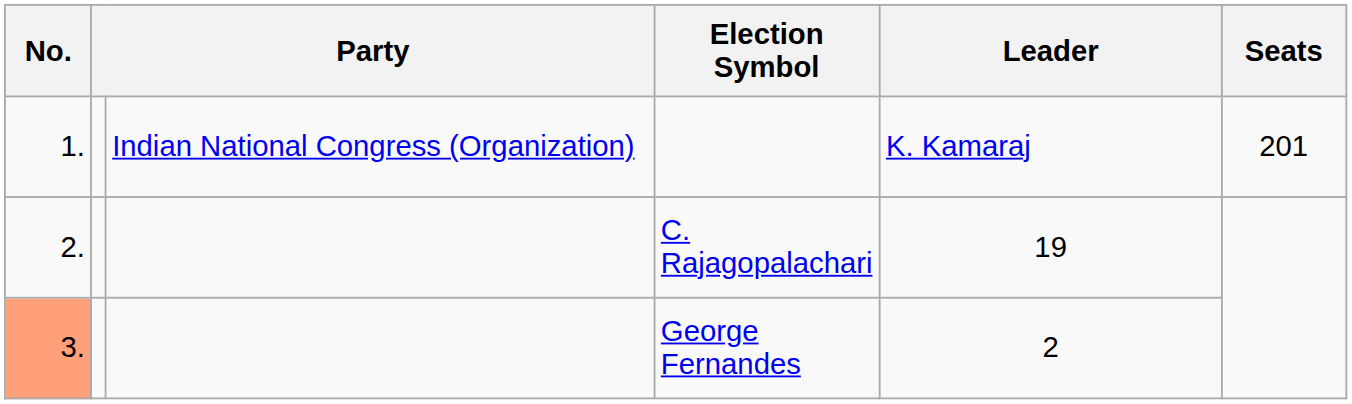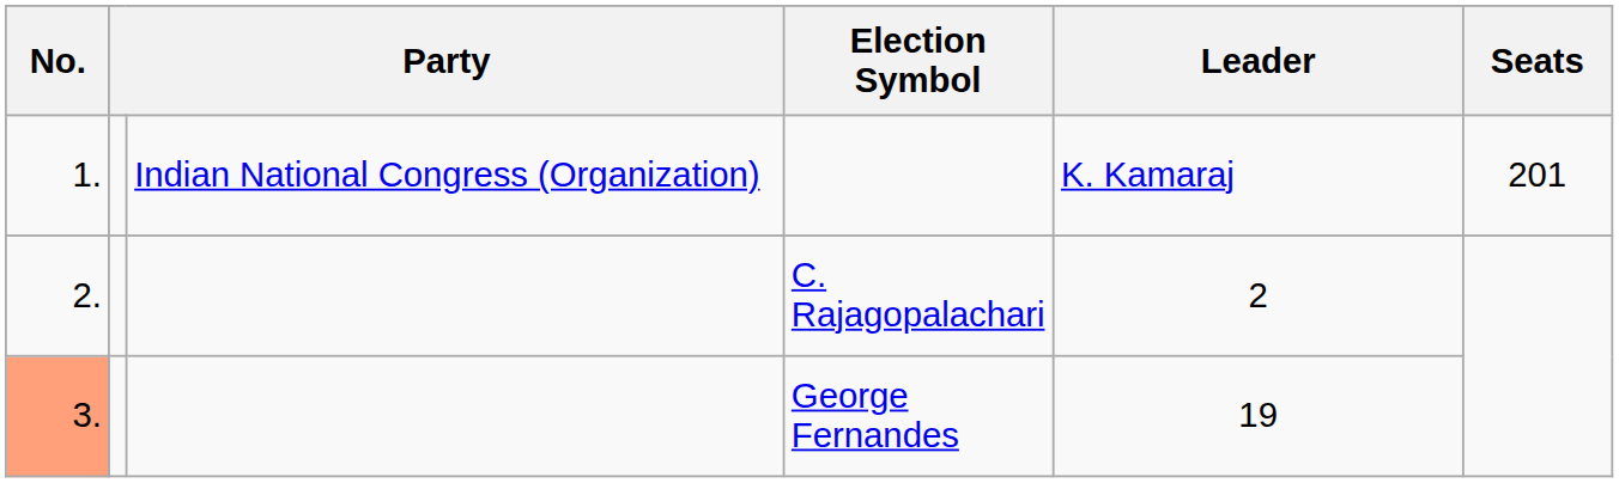 <table class="wikitable">
 <tr style="height: 50px;">
 <th scope="col" style="width:40px;">No.<br></th>
 <th scope="col" style="width:300px;"colspan="2">Party</th>
 <th scope="col" style="width:80px;">Election Symbol</th>
 <th scope="col" style="width:180px;">Leader</th>
 <th scope="col" style="width:60px;">Seats</th>
 </tr>
 <tr style="height: 55px;">
 <td style="text-align:right;">1.</td>
 <td></td>
 <td><a href='#'>Indian National Congress (Organization)</a></td>
 <td style="text-align:center;"></td>
 <td><a href='#'>K. Kamaraj</a></td>
 <td style="text-align:center;">201</td>
 </tr>
 <tr style="height: 55px;">
 <td style="text-align:right;">2.</td>
 <td></td>
 <td></td>
 <td><a href='#'>C. Rajagopalachari</a></td>
-<td style="text-align:center;">19</td>
+<td style="text-align:center;">2</td>
 </tr>
 <tr style="height: 55px;">
 <td style="background: lightsalmon; text-align:right;">3.</td>
 <td></td>
 <td style="text-align:center;"></td>
 <td><a href='#'>George Fernandes</a></td>
-<td style="text-align:center;">2</td>
+<td style="text-align:center;">19</td>
 </tr>
 </table>
